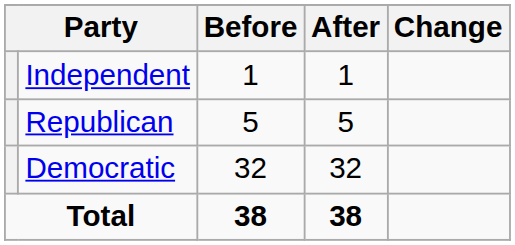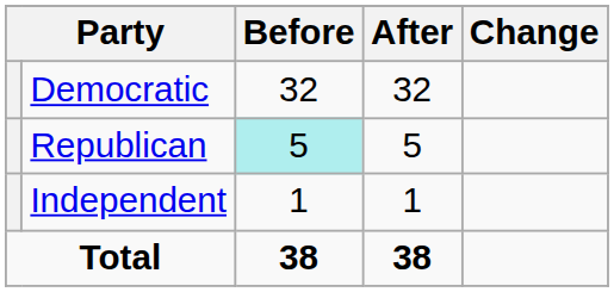 <table class="wikitable" style="text-align:center;">
 <tr>
 </tr>
 <tr>
 <th colspan=2>Party</th>
 <th>Before</th>
 <th>After</th>
 <th>Change</th>
 </tr>
 <tr>
 <th style="background-color:"></th>
-<td style="text-align:left;"><a href='#'>Independent</a></td>
-<td>1</td>
-<td>1</td>
+<td style="text-align:left;"><a href='#'>Democratic</a></td>
+<td>32</td>
+<td>32</td>
 <td></td>
 </tr>
 <tr>
 <th style="background-color:"></th>
 <td style="text-align:left;"><a href='#'>Republican</a></td>
-<td>5</td>
+<td style="background: paleturquoise;">5</td>
 <td>5</td>
 <td></td>
 </tr>
 <tr>
 <th style="background-color:"></th>
-<td style="text-align:left;"><a href='#'>Democratic</a></td>
-<td>32</td>
-<td>32</td>
+<td style="text-align:left;"><a href='#'>Independent</a></td>
+<td>1</td>
+<td>1</td>
 <td></td>
 </tr>
 <tr>
 <td colspan=2><strong>Total</strong></td>
 <td><strong>38</strong></td>
 <td><strong>38</strong></td>
 <td></td>
 </tr>
 </table>
